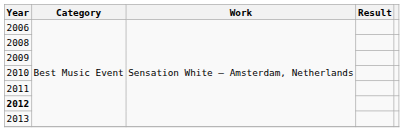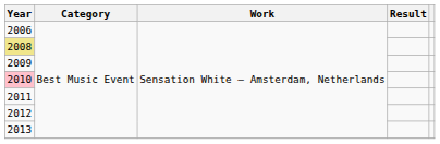 <table class="wikitable">
 <tr>
 <th>Year</th>
 <th>Category</th>
 <th>Work</th>
 <th>Result</th>
 <th></th>
 </tr>
 <tr>
 <td>2006</td>
 <td rowspan="7">Best Music Event</td>
 <td rowspan="7">Sensation White – Amsterdam, Netherlands</td>
 <td></td>
 <td></td>
 </tr>
 <tr>
-<td>2008</td>
+<td style="background: khaki;">2008</td>
 <td></td>
 <td></td>
 </tr>
 <tr>
 <td>2009</td>
 <td></td>
 <td></td>
 </tr>
 <tr>
-<td>2010</td>
+<td style="background: pink;">2010</td>
 <td></td>
 <td></td>
 </tr>
 <tr>
 <td>2011</td>
 <td></td>
 <td></td>
 </tr>
 <tr>
-<td><strong>2012</strong></td>
+<td>2012</td>
 <td></td>
 <td></td>
 </tr>
 <tr>
 <td>2013</td>
 <td></td>
 <td></td>
 </tr>
 <tr>
 </tr>
 </table>
